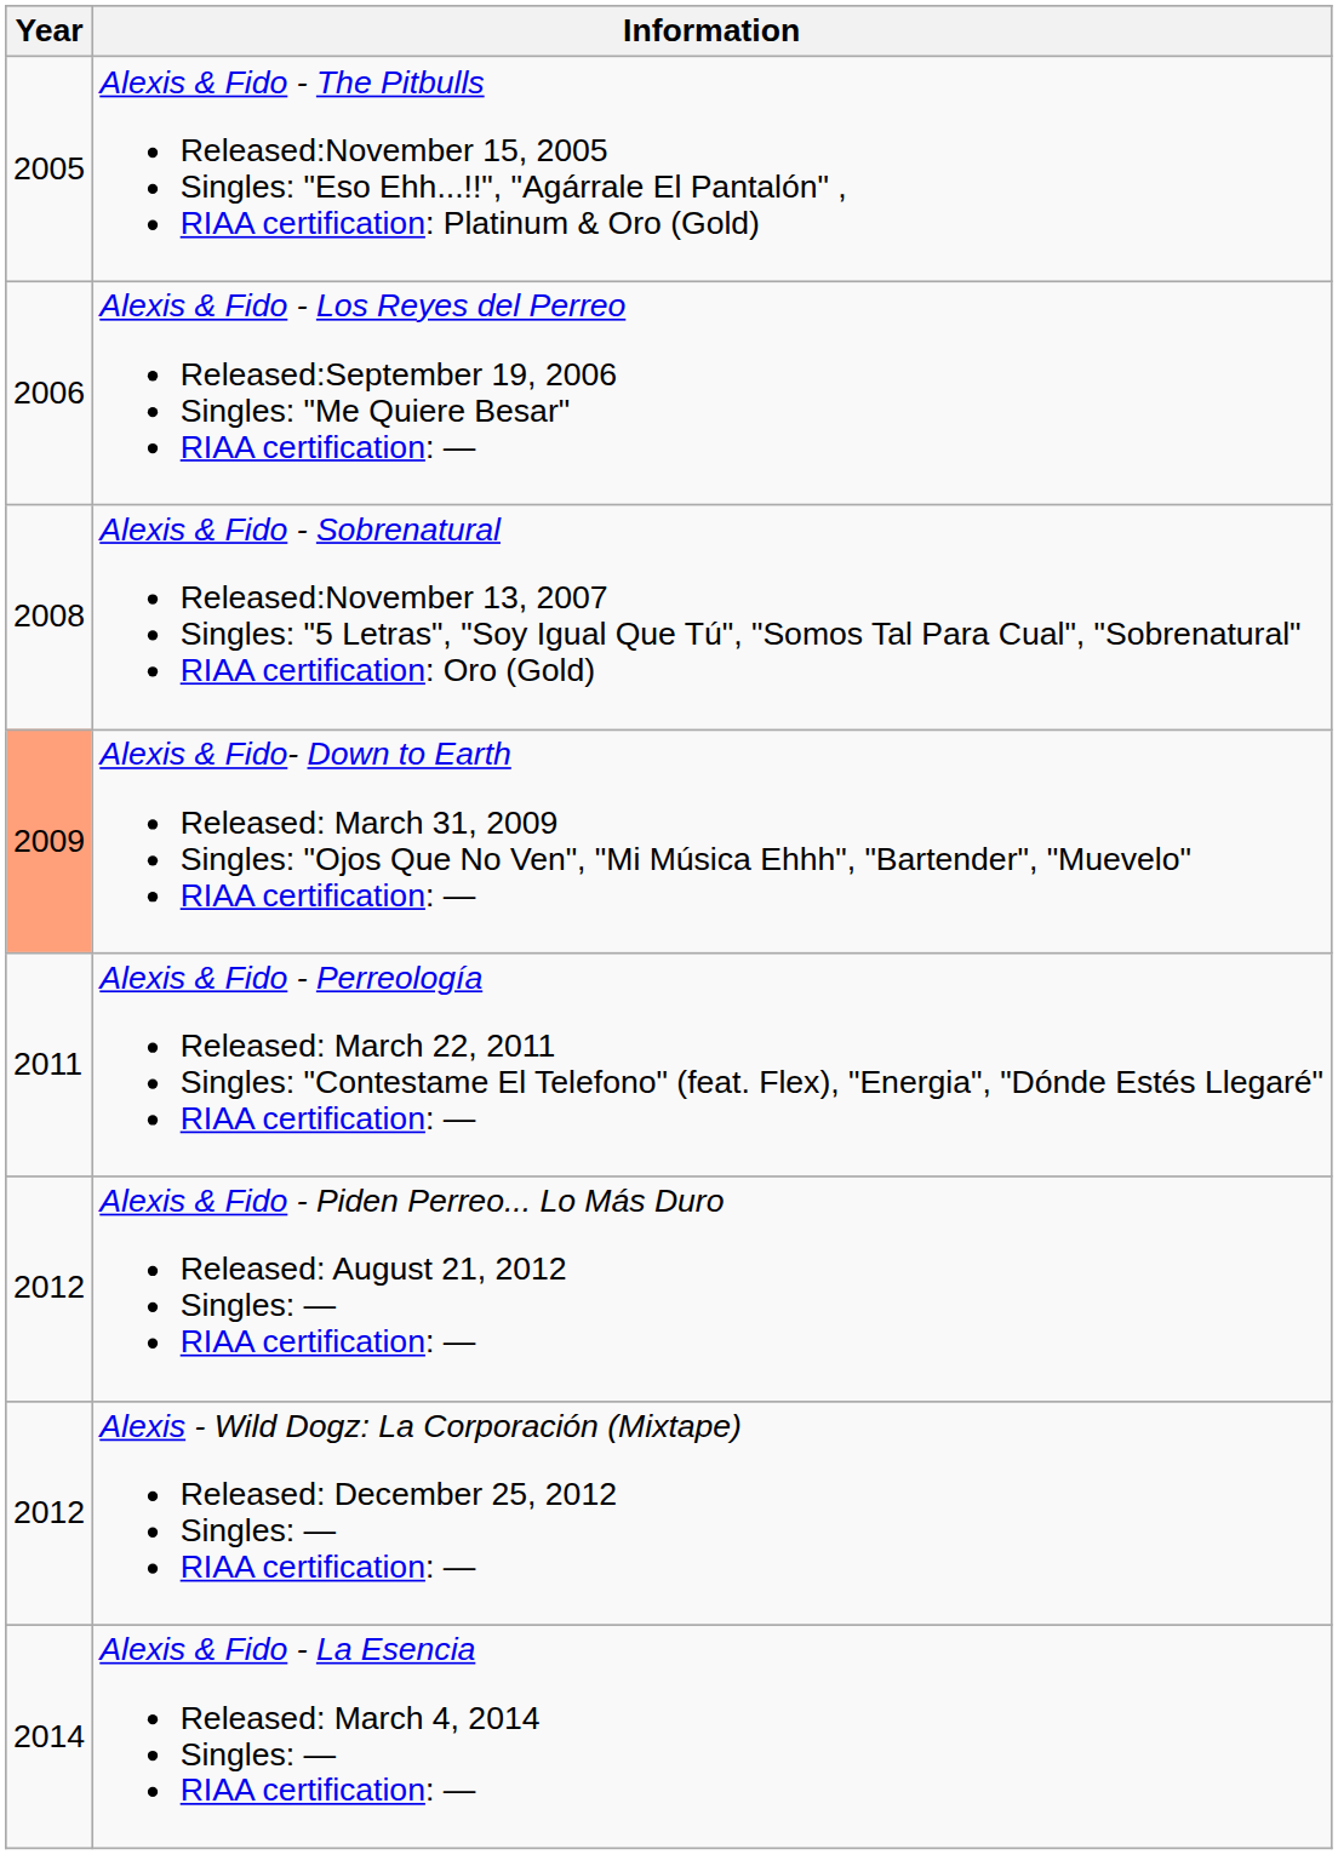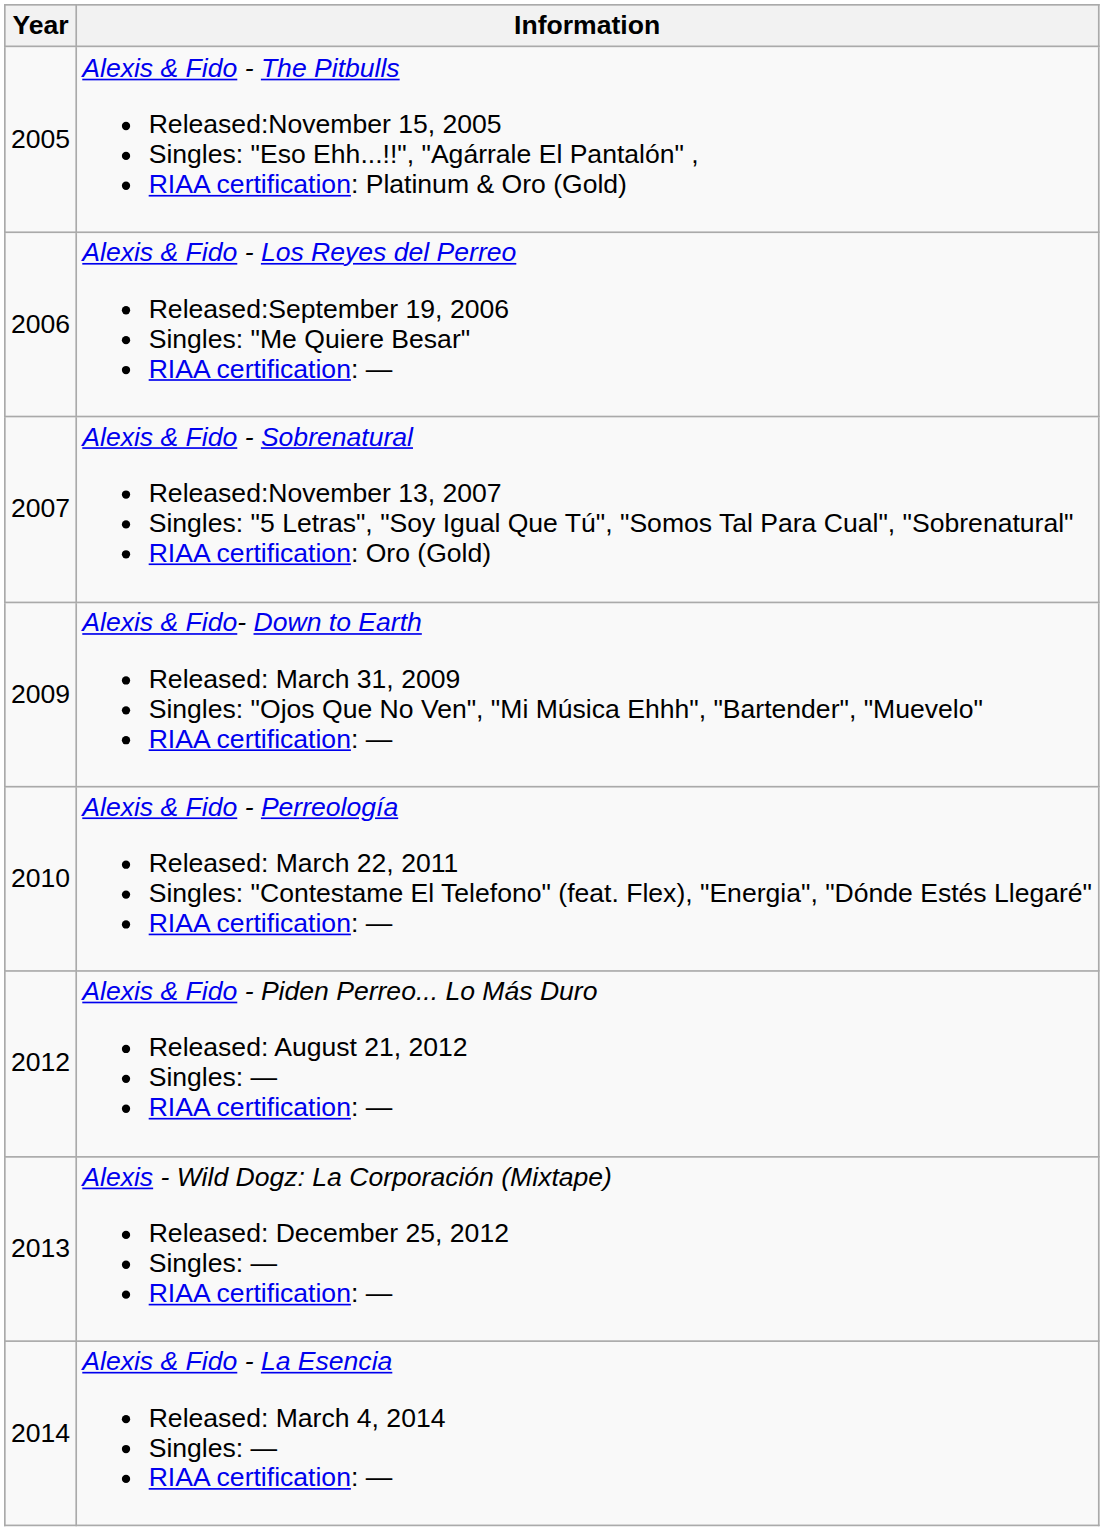 <table class="wikitable">
 <tr>
 <th align="center">Year</th>
 <th align="center">Information</th>
 </tr>
 <tr>
 <td rowspan="1">2005</td>
 <td align="left"><em> <a href='#'>Alexis & Fido</a> - <a href='#'>The Pitbulls</a></em><br><ul><li>Released:November 15, 2005</li><li>Singles: "Eso Ehh...!!", "Agárrale El Pantalón" ,</li><li><a href='#'>RIAA certification</a>: Platinum & Oro (Gold)</li></ul></td>
 </tr>
 <tr>
 <td rowspan="1">2006</td>
 <td align="left"><em><a href='#'>Alexis & Fido</a> - <a href='#'>Los Reyes del Perreo</a></em><br><ul><li>Released:September 19, 2006</li><li>Singles: "Me Quiere Besar"</li><li><a href='#'>RIAA certification</a>: —</li></ul></td>
 </tr>
 <tr>
-<td rowspan="1">2008</td>
+<td rowspan="1">2007</td>
 <td align="left"><em><a href='#'>Alexis & Fido</a> - <a href='#'>Sobrenatural</a></em><br><ul><li>Released:November 13, 2007</li><li>Singles: "5 Letras", "Soy Igual Que Tú", "Somos Tal Para Cual", "Sobrenatural"</li><li><a href='#'>RIAA certification</a>: Oro (Gold)</li></ul></td>
 </tr>
 <tr>
-<td rowspan="1" style="background: lightsalmon;">2009</td>
+<td rowspan="1">2009</td>
 <td align="left"><em><a href='#'>Alexis & Fido</a>- <a href='#'>Down to Earth</a></em><br><ul><li>Released: March 31, 2009</li><li>Singles: "Ojos Que No Ven", "Mi Música Ehhh", "Bartender", "Muevelo"</li><li><a href='#'>RIAA certification</a>: —</li></ul></td>
 </tr>
 <tr>
-<td rowspan="1">2011</td>
+<td rowspan="1">2010</td>
 <td align="left"><em><a href='#'>Alexis & Fido</a> - <a href='#'>Perreología</a></em><br><ul><li>Released: March 22, 2011</li><li>Singles: "Contestame El Telefono" (feat. Flex), "Energia", "Dónde Estés Llegaré"</li><li><a href='#'>RIAA certification</a>: —</li></ul></td>
 </tr>
 <tr>
 <td rowspan="1">2012</td>
 <td align="left"><em><a href='#'>Alexis & Fido</a> - Piden Perreo... Lo Más Duro</em><br><ul><li>Released: August 21, 2012</li><li>Singles: —</li><li><a href='#'>RIAA certification</a>: —</li></ul></td>
 </tr>
 <tr>
-<td rowspan="1">2012</td>
+<td rowspan="1">2013</td>
 <td align="left"><em><a href='#'>Alexis</a> - Wild Dogz: La Corporación (Mixtape)</em><br><ul><li>Released: December 25, 2012</li><li>Singles: —</li><li><a href='#'>RIAA certification</a>: —</li></ul></td>
 </tr>
 <tr>
 <td rowspan="1">2014</td>
 <td align="left"><em><a href='#'>Alexis & Fido</a> - <a href='#'>La Esencia</a></em><br><ul><li>Released: March 4, 2014</li><li>Singles: —</li><li><a href='#'>RIAA certification</a>: —</li></ul></td>
 </tr>
 </table>
